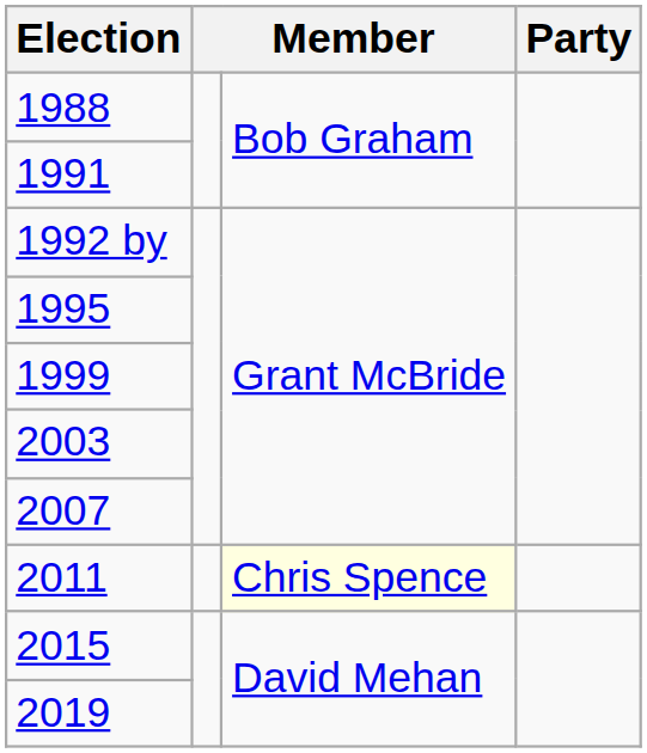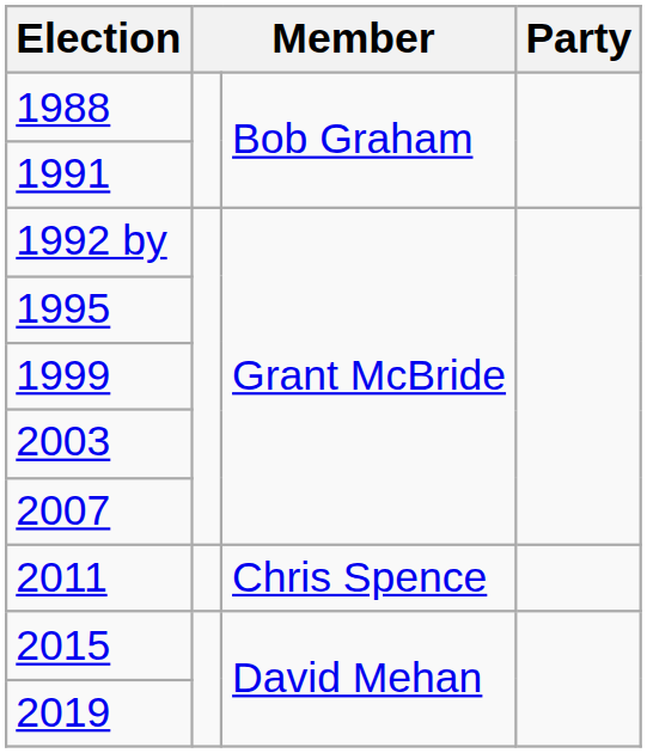 <table class="wikitable">
 <tr>
 <th>Election</th>
 <th colspan=2>Member</th>
 <th>Party</th>
 </tr>
 <tr>
 <td><a href='#'>1988</a></td>
 <td rowspan="2" > </td>
 <td rowspan="2"><a href='#'>Bob Graham</a></td>
 <td rowspan="2"></td>
 </tr>
 <tr>
 <td><a href='#'>1991</a></td>
 </tr>
 <tr>
 <td><a href='#'>1992 by</a></td>
 <td rowspan="5" > </td>
 <td rowspan="5"><a href='#'>Grant McBride</a></td>
 <td rowspan="5"></td>
 </tr>
 <tr>
 <td><a href='#'>1995</a></td>
 </tr>
 <tr>
 <td><a href='#'>1999</a></td>
 </tr>
 <tr>
 <td><a href='#'>2003</a></td>
 </tr>
 <tr>
 <td><a href='#'>2007</a></td>
 </tr>
 <tr>
 <td><a href='#'>2011</a></td>
 <td> </td>
-<td style="background: lightyellow;"><a href='#'>Chris Spence</a></td>
+<td><a href='#'>Chris Spence</a></td>
 <td></td>
 </tr>
 <tr>
 <td><a href='#'>2015</a></td>
 <td rowspan="2" > </td>
 <td rowspan="2"><a href='#'>David Mehan</a></td>
 <td rowspan="2"></td>
 </tr>
 <tr>
 <td><a href='#'>2019</a></td>
 </tr>
 </table>
